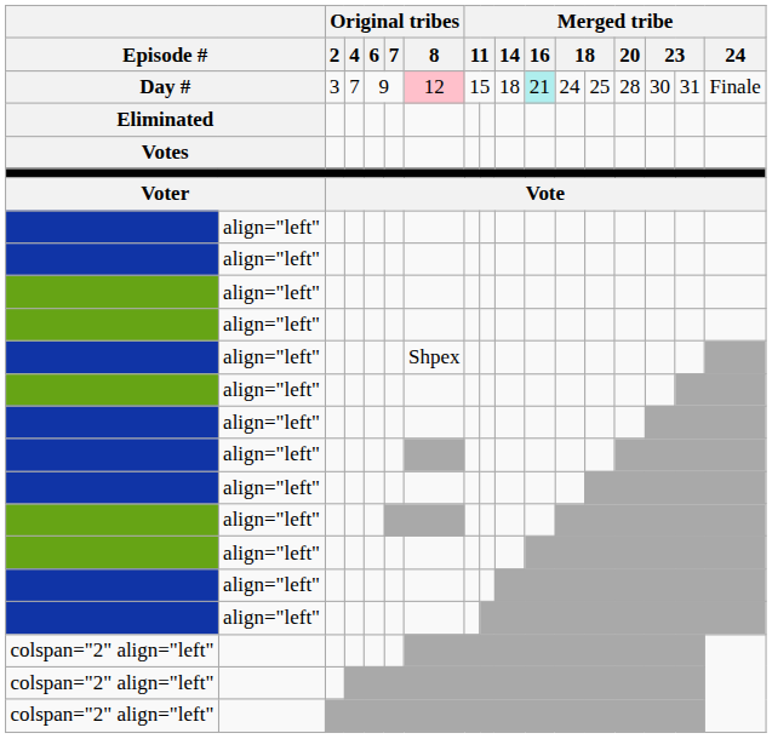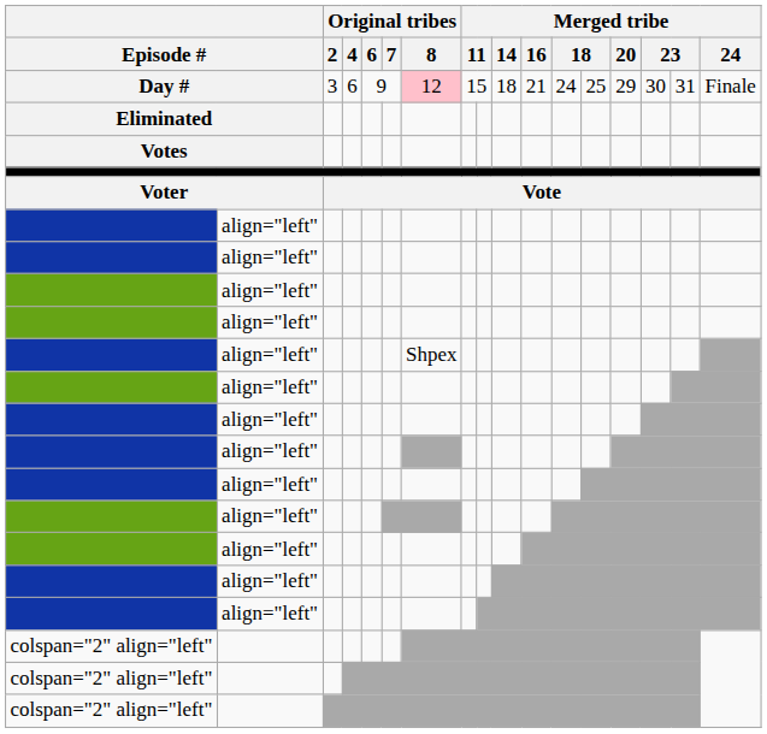 <table class="wikitable nowrap" style="text-align:center">
 <tr>
 <th colspan="2"></th>
 <th colspan="5">Original tribes</th>
 <th colspan="10">Merged tribe</th>
 </tr>
 <tr>
 <th colspan="2">Episode #</th>
 <th>2</th>
 <th>4</th>
 <th>6</th>
 <th>7</th>
 <th>8</th>
 <th colspan="2">11</th>
 <th>14</th>
 <th>16</th>
 <th colspan="2">18</th>
 <th>20</th>
 <th colspan="2">23</th>
 <th>24</th>
 </tr>
 <tr>
 <th colspan="2">Day #</th>
 <td>3</td>
-<td>7</td>
+<td>6</td>
 <td colspan="2">9</td>
 <td style="background: pink;">12</td>
 <td colspan="2">15</td>
 <td>18</td>
-<td style="background: paleturquoise;">21</td>
+<td>21</td>
 <td>24</td>
 <td>25</td>
-<td>28</td>
+<td>29</td>
 <td>30</td>
 <td>31</td>
 <td>Finale</td>
 </tr>
 <tr>
 <th colspan="2">Eliminated</th>
 <td></td>
 <td></td>
 <td></td>
 <td></td>
 <td></td>
 <td></td>
 <td></td>
 <td></td>
 <td></td>
 <td></td>
 <td></td>
 <td></td>
 <td></td>
 <td></td>
 <td></td>
 </tr>
 <tr>
 <th colspan="2">Votes</th>
 <td></td>
 <td></td>
 <td></td>
 <td></td>
 <td></td>
 <td></td>
 <td></td>
 <td></td>
 <td></td>
 <td></td>
 <td></td>
 <td></td>
 <td></td>
 <td></td>
 <td></td>
 </tr>
 <tr>
 <td bgcolor=black colspan=17></td>
 </tr>
 <tr>
 <th colspan="2">Voter</th>
 <th colspan="15">Vote</th>
 </tr>
 <tr>
 <td bgcolor="#1034A6"></td>
 <td>align="left" </td>
 <td></td>
 <td></td>
 <td></td>
 <td></td>
 <td></td>
 <td></td>
 <td></td>
 <td></td>
 <td></td>
 <td></td>
 <td></td>
 <td></td>
 <td></td>
 <td></td>
 <td></td>
 </tr>
 <tr>
 <td bgcolor="#1034A6"></td>
 <td>align="left" </td>
 <td></td>
 <td></td>
 <td></td>
 <td></td>
 <td></td>
 <td></td>
 <td></td>
 <td></td>
 <td></td>
 <td></td>
 <td></td>
 <td></td>
 <td></td>
 <td></td>
 <td></td>
 </tr>
 <tr>
 <td bgcolor="#66A415"></td>
 <td>align="left" </td>
 <td></td>
 <td></td>
 <td></td>
 <td></td>
 <td></td>
 <td></td>
 <td></td>
 <td></td>
 <td></td>
 <td></td>
 <td></td>
 <td></td>
 <td></td>
 <td></td>
 <td></td>
 </tr>
 <tr>
 <td bgcolor="#66A415"></td>
 <td>align="left" </td>
 <td></td>
 <td></td>
 <td></td>
 <td></td>
 <td></td>
 <td></td>
 <td></td>
 <td></td>
 <td></td>
 <td></td>
 <td></td>
 <td></td>
 <td></td>
 <td></td>
 <td></td>
 </tr>
 <tr>
 <td bgcolor="#1034A6"></td>
 <td>align="left" </td>
 <td></td>
 <td></td>
 <td></td>
 <td></td>
 <td><span>Shpex</span></td>
 <td></td>
 <td></td>
 <td></td>
 <td></td>
 <td></td>
 <td></td>
 <td></td>
 <td></td>
 <td></td>
 <td bgcolor="darkgray"></td>
 </tr>
 <tr>
 <td bgcolor="#66A415"></td>
 <td>align="left" </td>
 <td></td>
 <td></td>
 <td></td>
 <td></td>
 <td></td>
 <td></td>
 <td></td>
 <td></td>
 <td></td>
 <td></td>
 <td></td>
 <td></td>
 <td></td>
 <td bgcolor="darkgray" colspan="2"></td>
 </tr>
 <tr>
 <td bgcolor="#1034A6"></td>
 <td>align="left" </td>
 <td></td>
 <td></td>
 <td></td>
 <td></td>
 <td></td>
 <td></td>
 <td></td>
 <td></td>
 <td></td>
 <td></td>
 <td></td>
 <td></td>
 <td bgcolor="darkgray" colspan="3"></td>
 </tr>
 <tr>
 <td bgcolor="#1034A6"></td>
 <td>align="left" </td>
 <td></td>
 <td></td>
 <td></td>
 <td></td>
 <td bgcolor="darkgray" colspan="1"></td>
 <td></td>
 <td></td>
 <td></td>
 <td></td>
 <td></td>
 <td></td>
 <td bgcolor="darkgray" colspan="4"></td>
 </tr>
 <tr>
 <td bgcolor="#1034A6"></td>
 <td>align="left" </td>
 <td></td>
 <td></td>
 <td></td>
 <td></td>
 <td></td>
 <td></td>
 <td></td>
 <td></td>
 <td></td>
 <td></td>
 <td bgcolor="darkgray" colspan="5"></td>
 </tr>
 <tr>
 <td bgcolor="#66A415"></td>
 <td>align="left" </td>
 <td></td>
 <td></td>
 <td></td>
 <td bgcolor="darkgray" colspan="2"></td>
 <td></td>
 <td></td>
 <td></td>
 <td></td>
 <td bgcolor="darkgray" colspan="6"></td>
 </tr>
 <tr>
 <td bgcolor="#66A415"></td>
 <td>align="left" </td>
 <td></td>
 <td></td>
 <td></td>
 <td></td>
 <td></td>
 <td></td>
 <td></td>
 <td></td>
 <td bgcolor="darkgray" colspan="7"></td>
 </tr>
 <tr>
 <td bgcolor="#1034A6"></td>
 <td>align="left" </td>
 <td></td>
 <td></td>
 <td></td>
 <td></td>
 <td></td>
 <td></td>
 <td></td>
 <td bgcolor="darkgray" colspan="8"></td>
 </tr>
 <tr>
 <td bgcolor="#1034A6"></td>
 <td>align="left" </td>
 <td></td>
 <td></td>
 <td></td>
 <td></td>
 <td></td>
 <td></td>
 <td bgcolor="darkgray" colspan="9"></td>
 </tr>
 <tr>
 <td>colspan="2" align="left" </td>
 <td></td>
 <td></td>
 <td></td>
 <td></td>
 <td></td>
 <td bgcolor="darkgray" colspan="10"></td>
 </tr>
 <tr>
 <td>colspan="2" align="left" </td>
 <td></td>
 <td></td>
 <td bgcolor="darkgray" colspan="13"></td>
 </tr>
 <tr>
 <td>colspan="2" align="left" </td>
 <td></td>
 <td bgcolor="darkgray" colspan="14"></td>
 </tr>
 </table>
